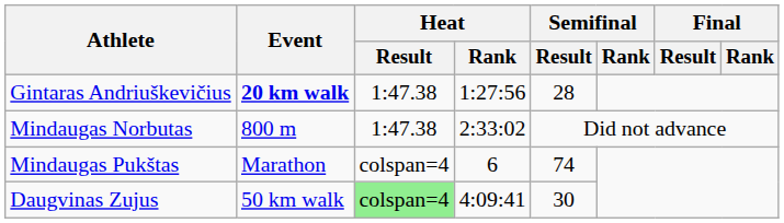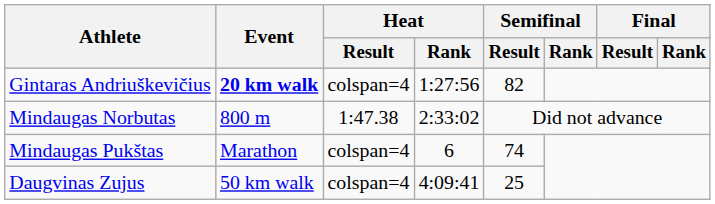 <table class=wikitable style="font-size:90%">
 <tr>
 <th rowspan="2">Athlete</th>
 <th rowspan="2">Event</th>
 <th colspan="2">Heat</th>
 <th colspan="2">Semifinal</th>
 <th colspan="2">Final</th>
 </tr>
 <tr style="font-size:95%">
 <th>Result</th>
 <th>Rank</th>
 <th>Result</th>
 <th>Rank</th>
 <th>Result</th>
 <th>Rank</th>
 </tr>
 <tr align=center>
 <td align=left><a href='#'>Gintaras Andriuškevičius</a></td>
 <td align=left><strong><a href='#'>20 km walk</a></strong></td>
-<td>1:47.38</td>
+<td>colspan=4 </td>
 <td>1:27:56</td>
-<td>28</td>
+<td>82</td>
 </tr>
 <tr align=center>
 <td align=left><a href='#'>Mindaugas Norbutas</a></td>
 <td align=left><a href='#'>800 m</a></td>
 <td>1:47.38</td>
 <td>2:33:02</td>
 <td colspan=4>Did not advance</td>
 </tr>
 <tr align=center>
 <td align=left><a href='#'>Mindaugas Pukštas</a></td>
 <td align=left><a href='#'>Marathon</a></td>
 <td>colspan=4 </td>
 <td>6</td>
 <td>74</td>
 </tr>
 <tr align=center>
 <td align=left><a href='#'>Daugvinas Zujus</a></td>
 <td align=left><a href='#'>50 km walk</a></td>
-<td style="background: lightgreen;">colspan=4 </td>
+<td>colspan=4 </td>
 <td>4:09:41</td>
-<td>30</td>
+<td>25</td>
 </tr>
 </table>
